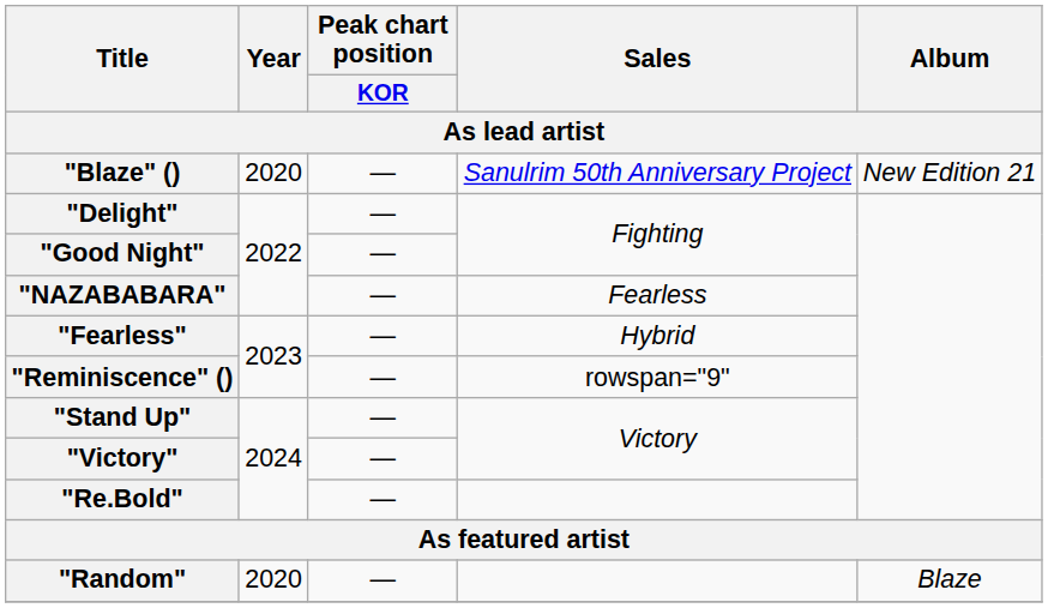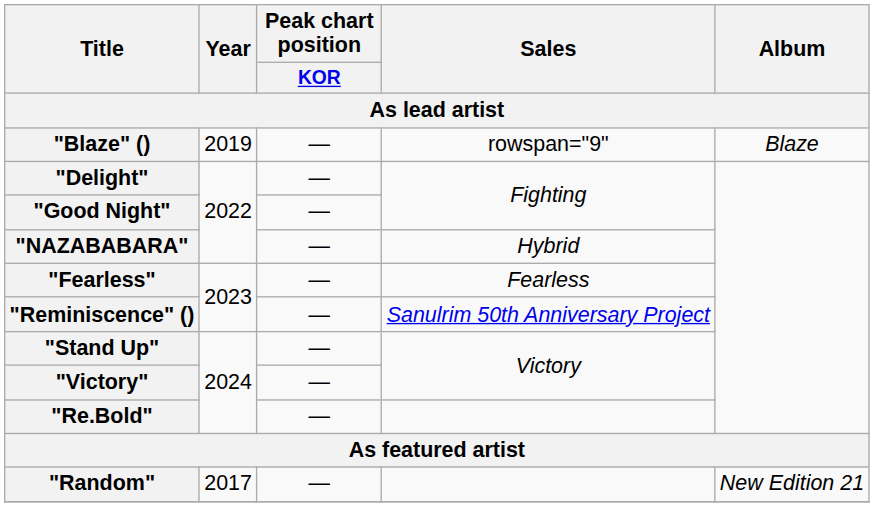 <table class="wikitable plainrowheaders" style="text-align:center">
 <tr>
 <th scope="col" rowspan="2">Title</th>
 <th scope="col" rowspan="2">Year</th>
 <th scope="col" colspan="1">Peak chart position</th>
 <th scope="col" rowspan="2">Sales</th>
 <th scope="col" rowspan="2">Album</th>
 </tr>
 <tr>
 <th style="width:6em;font-size:90%"><a href='#'>KOR</a></th>
 </tr>
 <tr>
 <th colspan="5">As lead artist</th>
 </tr>
 <tr>
 <th scope="row">"Blaze" ()</th>
-<td>2020</td>
+<td>2019</td>
 <td>—</td>
-<td><em><a href='#'>Sanulrim 50th Anniversary Project</a></em></td>
-<td><em>New Edition 21</em></td>
+<td>rowspan="9" </td>
+<td><em>Blaze</em></td>
 </tr>
 <tr>
 <th scope="row">"Delight"</th>
 <td rowspan="3">2022</td>
 <td>—</td>
 <td rowspan="2"><em>Fighting</em></td>
 </tr>
 <tr>
 <th scope="row">"Good Night"</th>
 <td>—</td>
 </tr>
 <tr>
 <th scope="row">"NAZABABARA"</th>
 <td>—</td>
-<td><em>Fearless</em></td>
+<td><em>Hybrid</em></td>
 </tr>
 <tr>
 <th scope="row">"Fearless"</th>
 <td rowspan="2">2023</td>
 <td>—</td>
-<td><em>Hybrid</em></td>
+<td><em>Fearless</em></td>
 </tr>
 <tr>
 <th scope="row">"Reminiscence" ()</th>
 <td>—</td>
-<td>rowspan="9" </td>
+<td><em><a href='#'>Sanulrim 50th Anniversary Project</a></em></td>
 </tr>
 <tr>
 <th scope="row">"Stand Up"</th>
 <td rowspan="3">2024</td>
 <td>—</td>
 <td rowspan="2"><em>Victory</em></td>
 </tr>
 <tr>
 <th scope="row">"Victory"</th>
 <td>—</td>
 </tr>
 <tr>
 <th scope="row">"Re.Bold"</th>
 <td>—</td>
 <td></td>
 </tr>
 <tr>
 <th colspan="5">As featured artist</th>
 </tr>
 <tr>
 <th scope="row">"Random"<br></th>
-<td>2020</td>
+<td>2017</td>
 <td>—</td>
 <td></td>
-<td><em>Blaze</em></td>
+<td><em>New Edition 21</em></td>
 </tr>
 <tr>
 </tr>
 </table>
